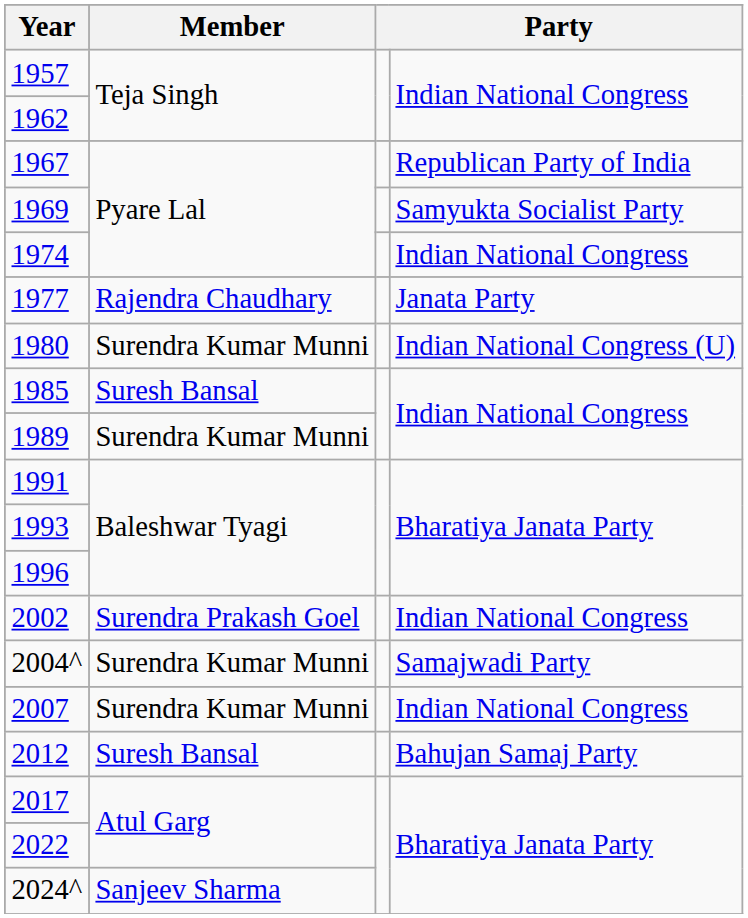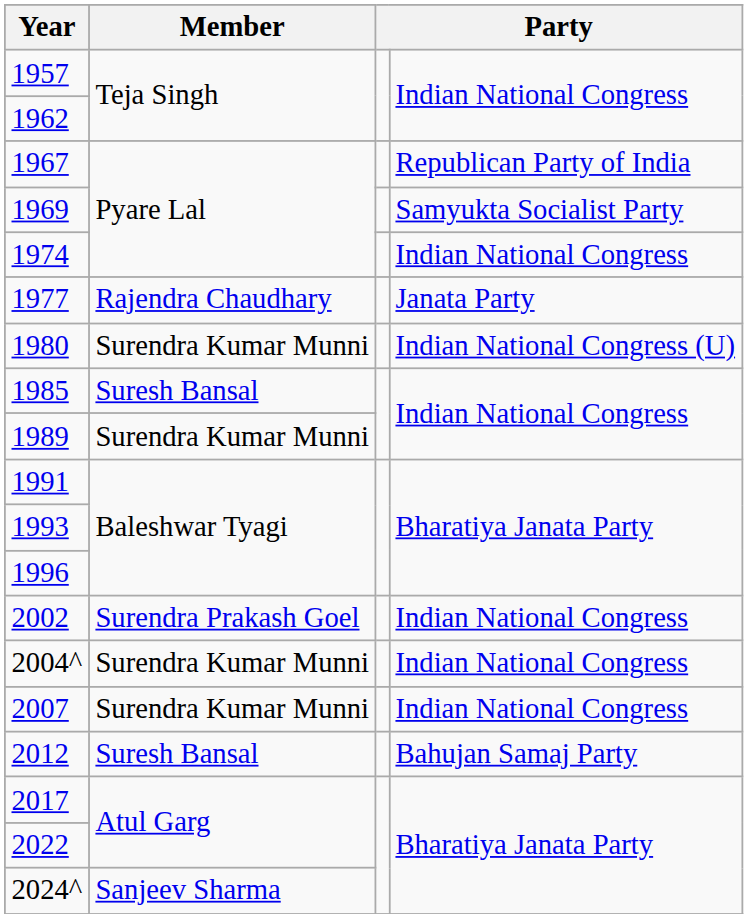 <table class="wikitable">
 <tr>
 <th>Year</th>
 <th>Member</th>
 <th colspan="2">Party</th>
 </tr>
 <tr>
 <td><a href='#'>1957</a></td>
 <td rowspan="2">Teja Singh</td>
 <td rowspan="2" style="background-color: "></td>
 <td rowspan="2"><a href='#'>Indian National Congress</a></td>
 </tr>
 <tr>
 <td><a href='#'>1962</a></td>
 </tr>
 <tr>
 <td><a href='#'>1967</a></td>
 <td rowspan="3">Pyare Lal</td>
 <td style="background-color: "></td>
 <td><a href='#'>Republican Party of India</a></td>
 </tr>
 <tr>
 <td><a href='#'>1969</a></td>
 <td style="background-color: "></td>
 <td><a href='#'>Samyukta Socialist Party</a></td>
 </tr>
 <tr>
 <td><a href='#'>1974</a></td>
 <td style="background-color: "></td>
 <td><a href='#'>Indian National Congress</a></td>
 </tr>
 <tr>
 <td><a href='#'>1977</a></td>
 <td><a href='#'>Rajendra Chaudhary</a></td>
 <td style="background-color: "></td>
 <td><a href='#'>Janata Party</a></td>
 </tr>
 <tr>
 <td><a href='#'>1980</a></td>
 <td>Surendra Kumar Munni</td>
 <td style="background-color: "></td>
 <td><a href='#'>Indian National Congress (U)</a></td>
 </tr>
 <tr>
 <td><a href='#'>1985</a></td>
 <td><a href='#'>Suresh Bansal</a></td>
 <td rowspan="2" style="background-color: "></td>
 <td rowspan="2"><a href='#'>Indian National Congress</a></td>
 </tr>
 <tr>
 <td><a href='#'>1989</a></td>
 <td>Surendra Kumar Munni</td>
 </tr>
 <tr>
 <td><a href='#'>1991</a></td>
 <td rowspan="3">Baleshwar Tyagi</td>
 <td rowspan="3" style="background-color: "></td>
 <td rowspan="3"><a href='#'>Bharatiya Janata Party</a></td>
 </tr>
 <tr>
 <td><a href='#'>1993</a></td>
 </tr>
 <tr>
 <td><a href='#'>1996</a></td>
 </tr>
 <tr>
 <td><a href='#'>2002</a></td>
 <td><a href='#'>Surendra Prakash Goel</a></td>
 <td style="background-color: "></td>
 <td><a href='#'>Indian National Congress</a></td>
 </tr>
 <tr>
 <td>2004^</td>
 <td>Surendra Kumar Munni</td>
 <td style="background-color: "></td>
-<td><a href='#'>Samajwadi Party</a></td>
+<td><a href='#'>Indian National Congress</a></td>
 </tr>
 <tr>
 <td><a href='#'>2007</a></td>
 <td>Surendra Kumar Munni</td>
 <td style="background-color: "></td>
 <td><a href='#'>Indian National Congress</a></td>
 </tr>
 <tr>
 <td><a href='#'>2012</a></td>
 <td><a href='#'>Suresh Bansal</a></td>
 <td style="background-color: "></td>
 <td><a href='#'>Bahujan Samaj Party</a></td>
 </tr>
 <tr>
 <td><a href='#'>2017</a></td>
 <td rowspan="2"><a href='#'>Atul Garg</a></td>
 <td rowspan="3" style="background-color: "></td>
 <td rowspan="3"><a href='#'>Bharatiya Janata Party</a></td>
 </tr>
 <tr>
 <td><a href='#'>2022</a></td>
 </tr>
 <tr>
 <td>2024^</td>
 <td><a href='#'>Sanjeev Sharma</a></td>
 </tr>
 <tr>
 </tr>
 </table>
